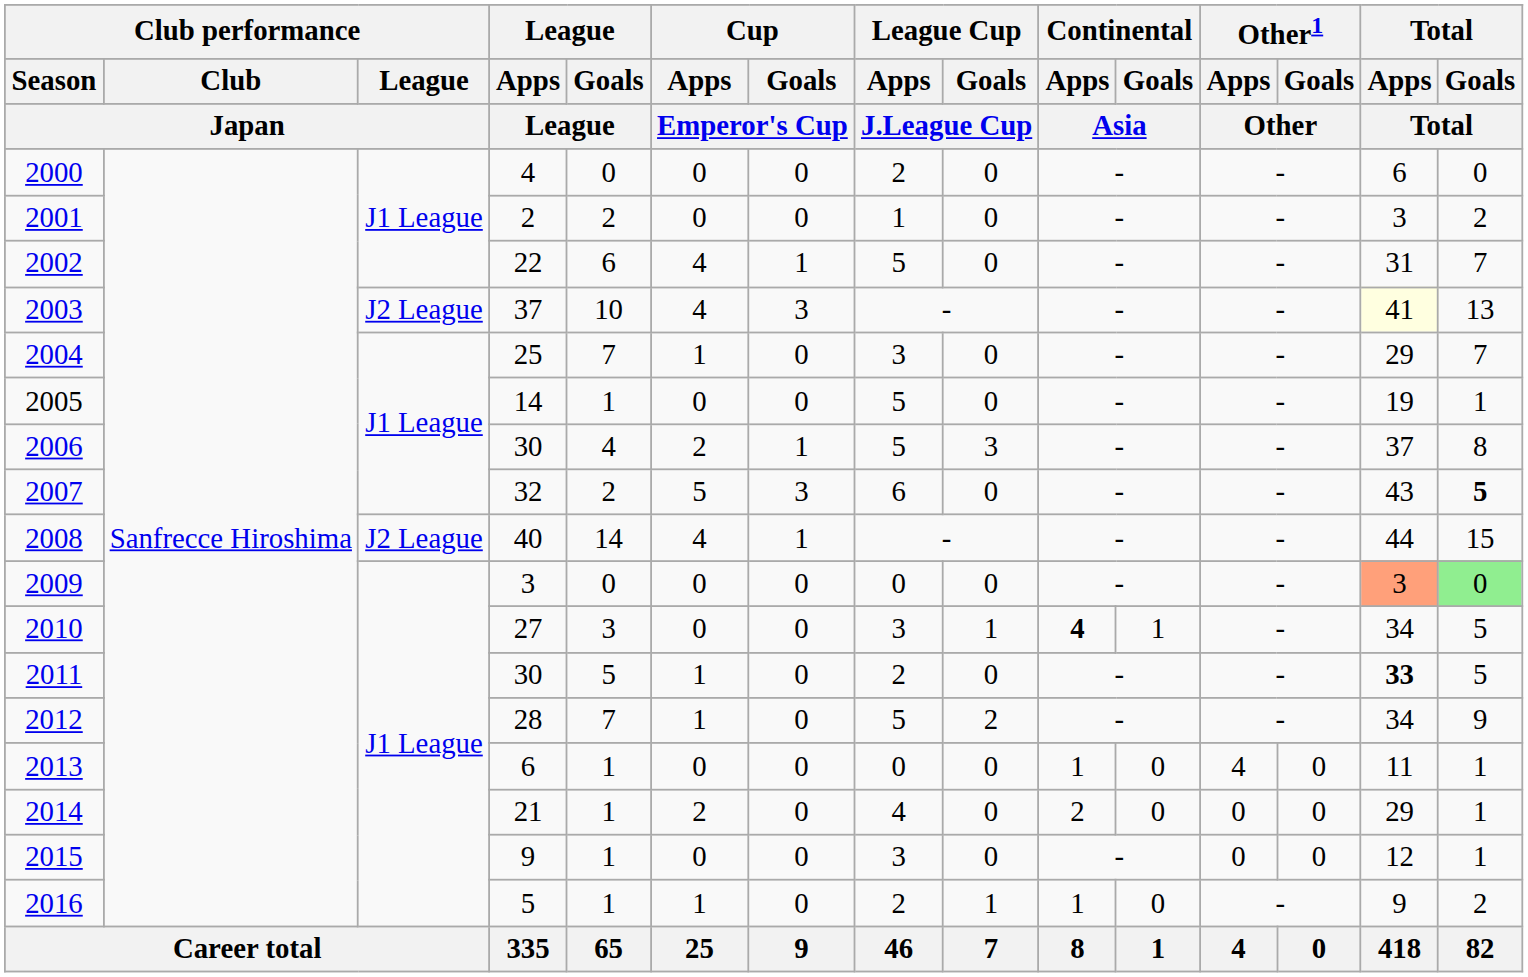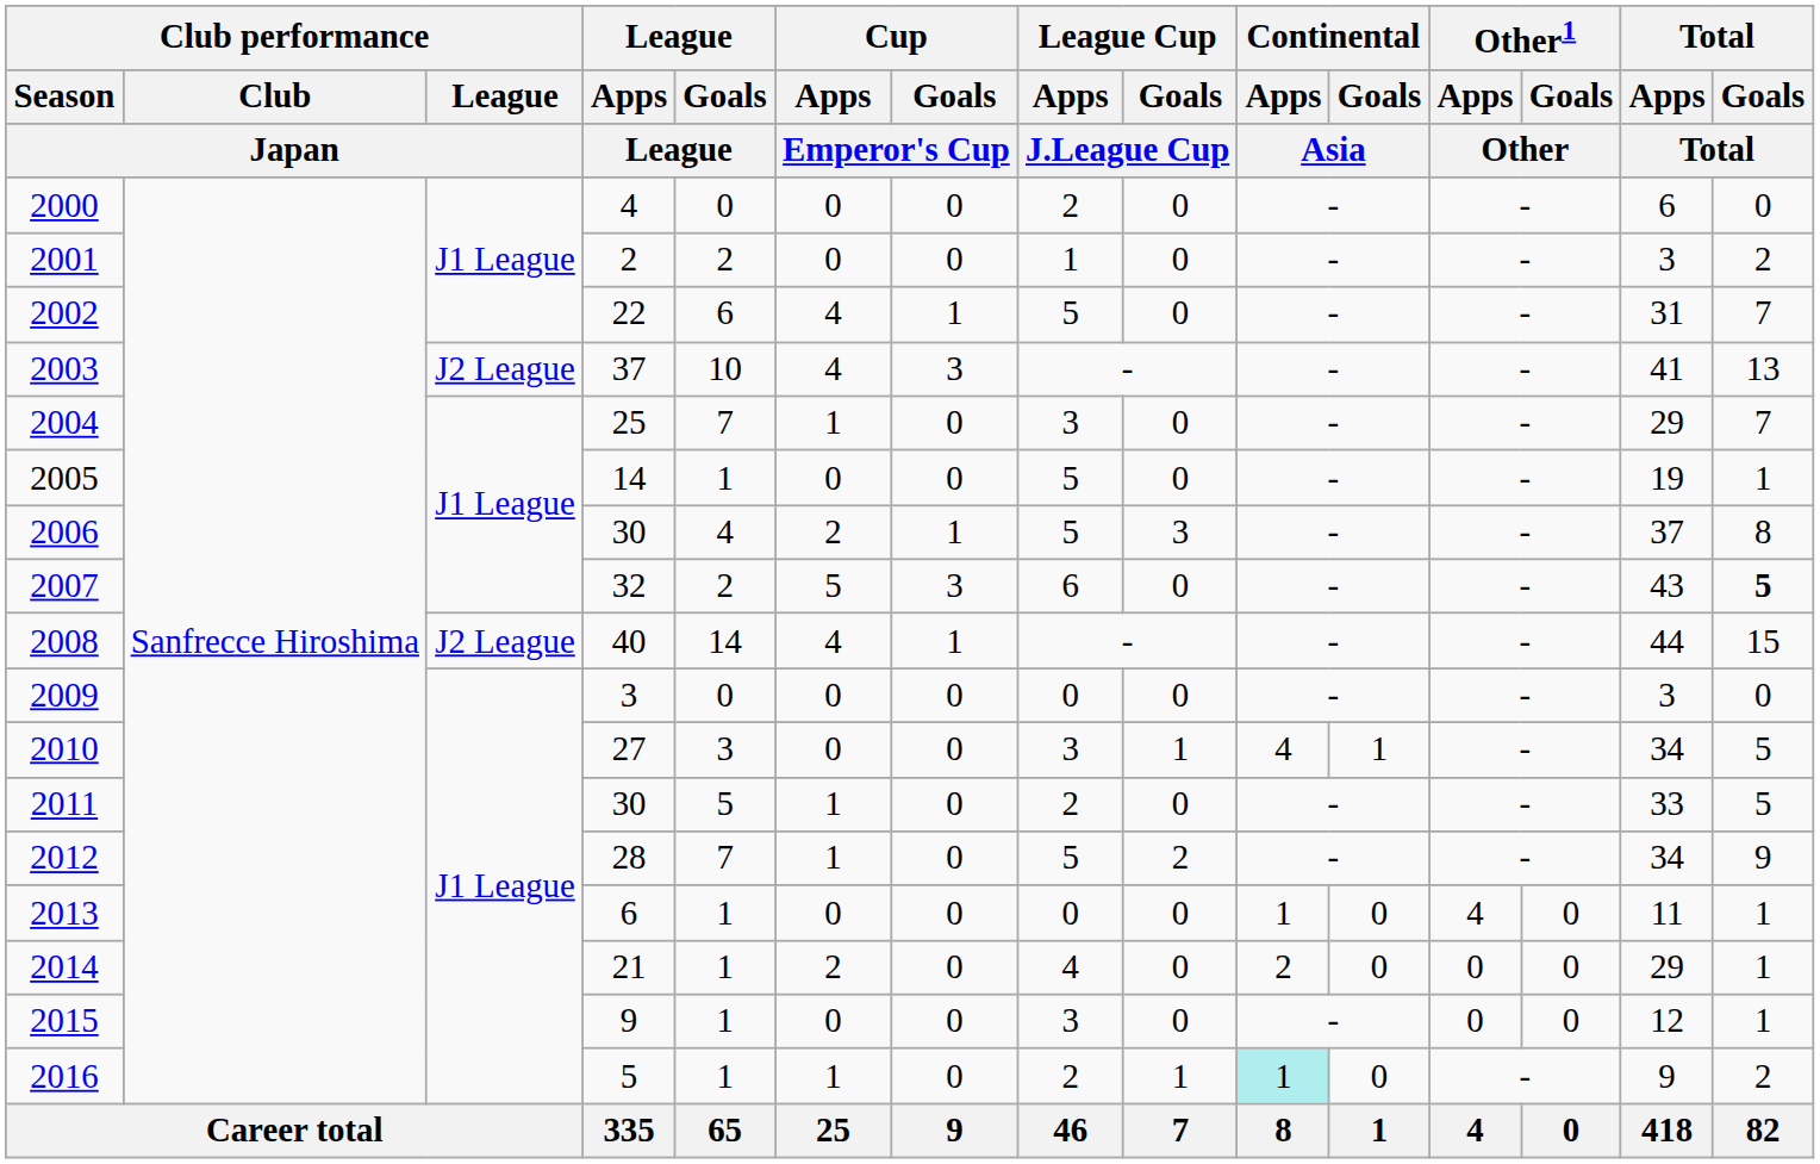 <table class="wikitable" style="text-align:center">
 <tr>
 <th colspan=3>Club performance</th>
 <th colspan=2>League</th>
 <th colspan=2>Cup</th>
 <th colspan=2>League Cup</th>
 <th colspan=2>Continental</th>
 <th colspan=2>Other<sup><a href='#'>1</a></sup></th>
 <th colspan=2>Total</th>
 </tr>
 <tr>
 <th>Season</th>
 <th>Club</th>
 <th>League</th>
 <th>Apps</th>
 <th>Goals</th>
 <th>Apps</th>
 <th>Goals</th>
 <th>Apps</th>
 <th>Goals</th>
 <th>Apps</th>
 <th>Goals</th>
 <th>Apps</th>
 <th>Goals</th>
 <th>Apps</th>
 <th>Goals</th>
 </tr>
 <tr>
 <th colspan=3>Japan</th>
 <th colspan=2>League</th>
 <th colspan=2><a href='#'>Emperor's Cup</a></th>
 <th colspan=2><a href='#'>J.League Cup</a></th>
 <th colspan=2><a href='#'>Asia</a></th>
 <th colspan=2>Other</th>
 <th colspan=2>Total</th>
 </tr>
 <tr>
 <td><a href='#'>2000</a></td>
 <td rowspan="17"><a href='#'>Sanfrecce Hiroshima</a></td>
 <td rowspan="3"><a href='#'>J1 League</a></td>
 <td>4</td>
 <td>0</td>
 <td>0</td>
 <td>0</td>
 <td>2</td>
 <td>0</td>
 <td colspan="2">-</td>
 <td colspan="2">-</td>
 <td>6</td>
 <td>0</td>
 </tr>
 <tr>
 <td><a href='#'>2001</a></td>
 <td>2</td>
 <td>2</td>
 <td>0</td>
 <td>0</td>
 <td>1</td>
 <td>0</td>
 <td colspan="2">-</td>
 <td colspan="2">-</td>
 <td>3</td>
 <td>2</td>
 </tr>
 <tr>
 <td><a href='#'>2002</a></td>
 <td>22</td>
 <td>6</td>
 <td>4</td>
 <td>1</td>
 <td>5</td>
 <td>0</td>
 <td colspan="2">-</td>
 <td colspan="2">-</td>
 <td>31</td>
 <td>7</td>
 </tr>
 <tr>
 <td><a href='#'>2003</a></td>
 <td><a href='#'>J2 League</a></td>
 <td>37</td>
 <td>10</td>
 <td>4</td>
 <td>3</td>
 <td colspan="2">-</td>
 <td colspan="2">-</td>
 <td colspan="2">-</td>
-<td style="background: lightyellow;">41</td>
+<td>41</td>
 <td>13</td>
 </tr>
 <tr>
 <td><a href='#'>2004</a></td>
 <td rowspan="4"><a href='#'>J1 League</a></td>
 <td>25</td>
 <td>7</td>
 <td>1</td>
 <td>0</td>
 <td>3</td>
 <td>0</td>
 <td colspan="2">-</td>
 <td colspan="2">-</td>
 <td>29</td>
 <td>7</td>
 </tr>
 <tr>
 <td>2005</td>
 <td>14</td>
 <td>1</td>
 <td>0</td>
 <td>0</td>
 <td>5</td>
 <td>0</td>
 <td colspan="2">-</td>
 <td colspan="2">-</td>
 <td>19</td>
 <td>1</td>
 </tr>
 <tr>
 <td><a href='#'>2006</a></td>
 <td>30</td>
 <td>4</td>
 <td>2</td>
 <td>1</td>
 <td>5</td>
 <td>3</td>
 <td colspan="2">-</td>
 <td colspan="2">-</td>
 <td>37</td>
 <td>8</td>
 </tr>
 <tr>
 <td><a href='#'>2007</a></td>
 <td>32</td>
 <td>2</td>
 <td>5</td>
 <td>3</td>
 <td>6</td>
 <td>0</td>
 <td colspan="2">-</td>
 <td colspan="2">-</td>
 <td>43</td>
 <td><strong>5</strong></td>
 </tr>
 <tr>
 <td><a href='#'>2008</a></td>
 <td><a href='#'>J2 League</a></td>
 <td>40</td>
 <td>14</td>
 <td>4</td>
 <td>1</td>
 <td colspan="2">-</td>
 <td colspan="2">-</td>
 <td colspan="2">-</td>
 <td>44</td>
 <td>15</td>
 </tr>
 <tr>
 <td><a href='#'>2009</a></td>
 <td rowspan="8"><a href='#'>J1 League</a></td>
 <td>3</td>
 <td>0</td>
 <td>0</td>
 <td>0</td>
 <td>0</td>
 <td>0</td>
 <td colspan="2">-</td>
 <td colspan="2">-</td>
-<td style="background: lightsalmon;">3</td>
-<td style="background: lightgreen;">0</td>
+<td>3</td>
+<td>0</td>
 </tr>
 <tr>
 <td><a href='#'>2010</a></td>
 <td>27</td>
 <td>3</td>
 <td>0</td>
 <td>0</td>
 <td>3</td>
 <td>1</td>
-<td><strong>4</strong></td>
+<td>4</td>
 <td>1</td>
 <td colspan="2">-</td>
 <td>34</td>
 <td>5</td>
 </tr>
 <tr>
 <td><a href='#'>2011</a></td>
 <td>30</td>
 <td>5</td>
 <td>1</td>
 <td>0</td>
 <td>2</td>
 <td>0</td>
 <td colspan="2">-</td>
 <td colspan="2">-</td>
-<td><strong>33</strong></td>
+<td>33</td>
 <td>5</td>
 </tr>
 <tr>
 <td><a href='#'>2012</a></td>
 <td>28</td>
 <td>7</td>
 <td>1</td>
 <td>0</td>
 <td>5</td>
 <td>2</td>
 <td colspan="2">-</td>
 <td colspan="2">-</td>
 <td>34</td>
 <td>9</td>
 </tr>
 <tr>
 <td><a href='#'>2013</a></td>
 <td>6</td>
 <td>1</td>
 <td>0</td>
 <td>0</td>
 <td>0</td>
 <td>0</td>
 <td>1</td>
 <td>0</td>
 <td>4</td>
 <td>0</td>
 <td>11</td>
 <td>1</td>
 </tr>
 <tr>
 <td><a href='#'>2014</a></td>
 <td>21</td>
 <td>1</td>
 <td>2</td>
 <td>0</td>
 <td>4</td>
 <td>0</td>
 <td>2</td>
 <td>0</td>
 <td>0</td>
 <td>0</td>
 <td>29</td>
 <td>1</td>
 </tr>
 <tr>
 <td><a href='#'>2015</a></td>
 <td>9</td>
 <td>1</td>
 <td>0</td>
 <td>0</td>
 <td>3</td>
 <td>0</td>
 <td colspan="2">-</td>
 <td>0</td>
 <td>0</td>
 <td>12</td>
 <td>1</td>
 </tr>
 <tr>
 <td><a href='#'>2016</a></td>
 <td>5</td>
 <td>1</td>
 <td>1</td>
 <td>0</td>
 <td>2</td>
 <td>1</td>
-<td>1</td>
+<td style="background: paleturquoise;">1</td>
 <td>0</td>
 <td colspan="2">-</td>
 <td>9</td>
 <td>2</td>
 </tr>
 <tr>
 <th colspan=3>Career total</th>
 <th>335</th>
 <th>65</th>
 <th>25</th>
 <th>9</th>
 <th>46</th>
 <th>7</th>
 <th>8</th>
 <th>1</th>
 <th>4</th>
 <th>0</th>
 <th>418</th>
 <th>82</th>
 </tr>
 </table>
